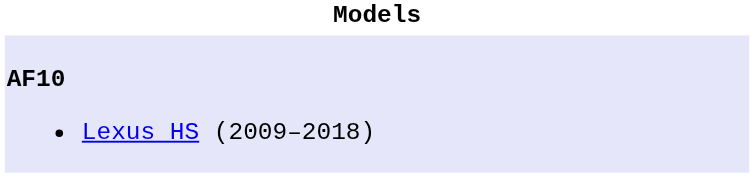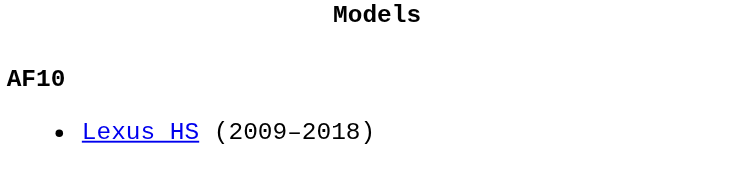 <table>
 <tr>
 <th style="width:50%">Models</th>
 </tr>
 <tr>
-<td style="background: lavender; width:50%"><br><strong>AF10</strong><ul><li><a href='#'>Lexus HS</a> (2009–2018)</li></ul></td>
+<td style="width:50%"><br><strong>AF10</strong><ul><li><a href='#'>Lexus HS</a> (2009–2018)</li></ul></td>
 </tr>
 </table>
